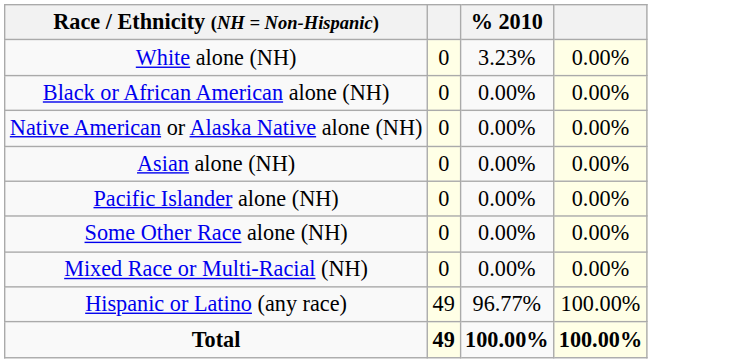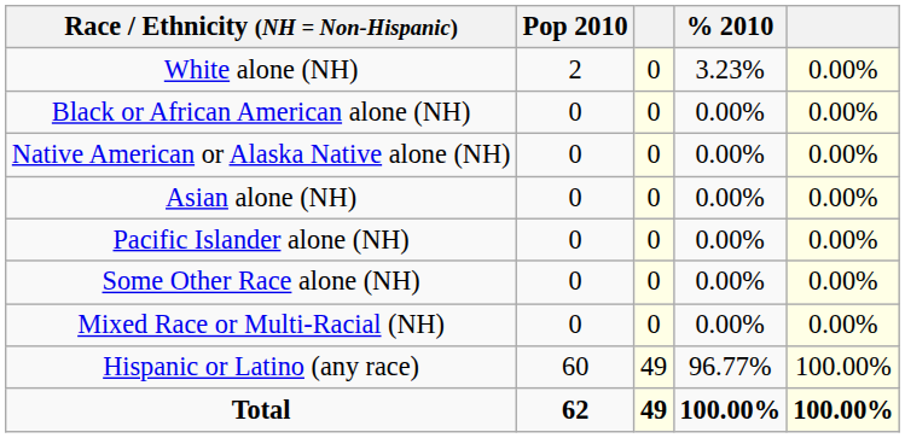 <table class="wikitable" style="text-align:center;">
 <tr>
 <th>Race / Ethnicity <small>(<em>NH = Non-Hispanic</em>)</small></th>
+<th>Pop 2010</th>
 <th></th>
 <th>% 2010</th>
 <th></th>
 </tr>
 <tr>
 <td><a href='#'>White</a> alone (NH)</td>
+<td>2</td>
 <td style='background: #ffffe6;'>0</td>
 <td>3.23%</td>
 <td style='background: #ffffe6;'>0.00%</td>
 </tr>
 <tr>
 <td><a href='#'>Black or African American</a> alone (NH)</td>
+<td>0</td>
 <td style='background: #ffffe6;'>0</td>
 <td>0.00%</td>
 <td style='background: #ffffe6;'>0.00%</td>
 </tr>
 <tr>
 <td><a href='#'>Native American</a> or <a href='#'>Alaska Native</a> alone (NH)</td>
+<td>0</td>
 <td style='background: #ffffe6;'>0</td>
 <td>0.00%</td>
 <td style='background: #ffffe6;'>0.00%</td>
 </tr>
 <tr>
 <td><a href='#'>Asian</a> alone (NH)</td>
+<td>0</td>
 <td style='background: #ffffe6;'>0</td>
 <td>0.00%</td>
 <td style='background: #ffffe6;'>0.00%</td>
 </tr>
 <tr>
 <td><a href='#'>Pacific Islander</a> alone (NH)</td>
+<td>0</td>
 <td style='background: #ffffe6;'>0</td>
 <td>0.00%</td>
 <td style='background: #ffffe6;'>0.00%</td>
 </tr>
 <tr>
 <td><a href='#'>Some Other Race</a> alone (NH)</td>
+<td>0</td>
 <td style='background: #ffffe6;'>0</td>
 <td>0.00%</td>
 <td style='background: #ffffe6;'>0.00%</td>
 </tr>
 <tr>
 <td><a href='#'>Mixed Race or Multi-Racial</a> (NH)</td>
+<td>0</td>
 <td style='background: #ffffe6;'>0</td>
 <td>0.00%</td>
 <td style='background: #ffffe6;'>0.00%</td>
 </tr>
 <tr>
 <td><a href='#'>Hispanic or Latino</a> (any race)</td>
+<td>60</td>
 <td style='background: #ffffe6;'>49</td>
 <td>96.77%</td>
 <td style='background: #ffffe6;'>100.00%</td>
 </tr>
 <tr>
 <td><strong>Total</strong></td>
+<td><strong>62</strong></td>
 <td style='background: #ffffe6;'><strong>49</strong></td>
 <td><strong>100.00%</strong></td>
 <td style='background: #ffffe6;'><strong>100.00%</strong></td>
 </tr>
 </table>
